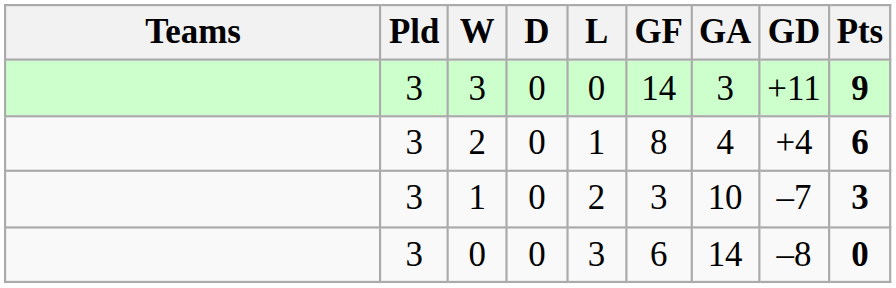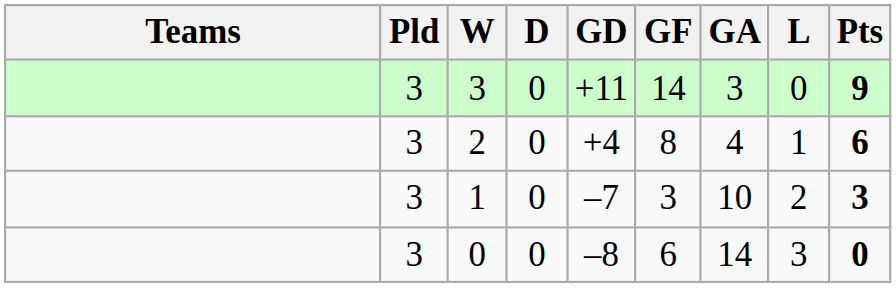 <table class="wikitable" style="text-align: center;">
 <tr>
 <th width=165>Teams</th>
 <th width=20>Pld</th>
 <th width=20>W</th>
 <th width=20>D</th>
-<th width=20>L</th>
+<th width=20>GD</th>
 <th width=20>GF</th>
 <th width=20>GA</th>
-<th width=20>GD</th>
+<th width=20>L</th>
 <th width=20>Pts</th>
 </tr>
 <tr align=center style="background:#ccffcc;">
 <td style="text-align:left;"></td>
 <td>3</td>
 <td>3</td>
 <td>0</td>
-<td>0</td>
+<td>+11</td>
 <td>14</td>
 <td>3</td>
-<td>+11</td>
+<td>0</td>
 <td><strong>9</strong></td>
 </tr>
 <tr align=center>
 <td style="text-align:left;"></td>
 <td>3</td>
 <td>2</td>
 <td>0</td>
-<td>1</td>
+<td>+4</td>
 <td>8</td>
 <td>4</td>
-<td>+4</td>
+<td>1</td>
 <td><strong>6</strong></td>
 </tr>
 <tr align=center>
 <td style="text-align:left;"></td>
 <td>3</td>
 <td>1</td>
 <td>0</td>
-<td>2</td>
+<td>–7</td>
 <td>3</td>
 <td>10</td>
-<td>–7</td>
+<td>2</td>
 <td><strong>3</strong></td>
 </tr>
 <tr align=center>
 <td style="text-align:left;"></td>
 <td>3</td>
 <td>0</td>
 <td>0</td>
-<td>3</td>
+<td>–8</td>
 <td>6</td>
 <td>14</td>
-<td>–8</td>
+<td>3</td>
 <td><strong>0</strong></td>
 </tr>
 </table>
